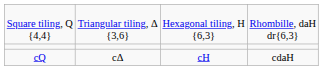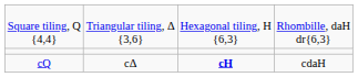 <table class=wikitable>
 <tr align=center>
 <td><br><a href='#'>Square tiling</a>, Q<br>{4,4}</td>
 <td><br><a href='#'>Triangular tiling</a>, Δ<br>{3,6}</td>
 <td><br><a href='#'>Hexagonal tiling</a>, H<br>{6,3}</td>
 <td><br><a href='#'>Rhombille</a>, daH<br>dr{6,3}</td>
 </tr>
 <tr align=center>
 <td></td>
 <td></td>
 <td></td>
 <td></td>
 </tr>
 <tr align=center>
 <td><a href='#'>cQ</a></td>
 <td>cΔ</td>
-<td><a href='#'>cH</a></td>
+<td><strong><a href='#'>cH</a></strong></td>
 <td>cdaH</td>
 </tr>
 </table>
